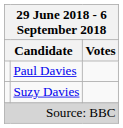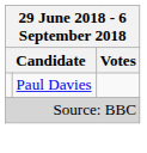 <table class="wikitable">
 <tr>
 <th colspan="3" width="130px">29 June 2018 - 6 September 2018</th>
 </tr>
 <tr>
 <th colspan="2">Candidate</th>
 <th>Votes</th>
 </tr>
 <tr>
 <td style="background:"></td>
 <td><a href='#'>Paul Davies</a></td>
 <td></td>
 </tr>
 <tr>
-<td style="background:"></td>
-<td><a href='#'>Suzy Davies</a></td>
-<td></td>
-</tr>
-<tr>
 <td colspan="3" style="background:#D5D5D5; text-align:right">Source: BBC</td>
 </tr>
 </table>
